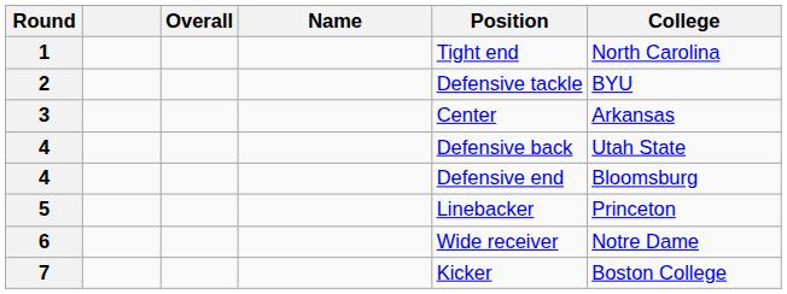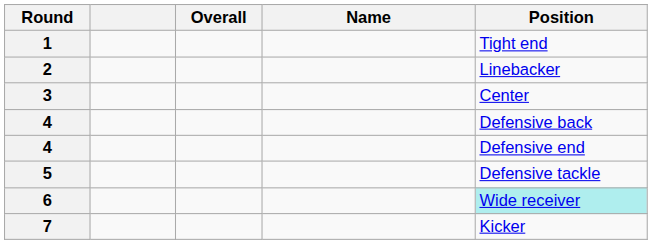 <table class="wikitable sortable">
 <tr>
 <th scope="col" style="width: 10%;">Round</th>
 <th scope="col" style="width: 10%;"></th>
 <th scope="col" style="width: 10%;">Overall</th>
 <th scope="col" style="width: 25%;">Name</th>
 <th scope="col" style="width: 20%;">Position</th>
-<th scope="col" style="width: 25%;">College</th>
 </tr>
 <tr>
 <th scope="row">1</th>
 <td></td>
 <td></td>
 <td></td>
 <td><a href='#'>Tight end</a></td>
-<td><a href='#'>North Carolina</a></td>
 </tr>
 <tr>
 <th scope="row">2</th>
 <td></td>
 <td></td>
 <td></td>
-<td><a href='#'>Defensive tackle</a></td>
-<td><a href='#'>BYU</a></td>
+<td><a href='#'>Linebacker</a></td>
 </tr>
 <tr>
 <th scope="row">3</th>
 <td></td>
 <td></td>
 <td></td>
 <td><a href='#'>Center</a></td>
-<td><a href='#'>Arkansas</a></td>
 </tr>
 <tr>
 <th scope="row">4</th>
 <td></td>
 <td></td>
 <td></td>
 <td><a href='#'>Defensive back</a></td>
-<td><a href='#'>Utah State</a></td>
 </tr>
 <tr>
 <th scope="row">4</th>
 <td></td>
 <td></td>
 <td></td>
 <td><a href='#'>Defensive end</a></td>
-<td><a href='#'>Bloomsburg</a></td>
 </tr>
 <tr>
 <th scope="row">5</th>
 <td></td>
 <td></td>
 <td></td>
-<td><a href='#'>Linebacker</a></td>
-<td><a href='#'>Princeton</a></td>
+<td><a href='#'>Defensive tackle</a></td>
 </tr>
 <tr>
 <th scope="row">6</th>
 <td></td>
 <td></td>
 <td></td>
-<td><a href='#'>Wide receiver</a></td>
-<td><a href='#'>Notre Dame</a></td>
+<td style="background: paleturquoise;"><a href='#'>Wide receiver</a></td>
 </tr>
 <tr>
 <th scope="row">7</th>
 <td></td>
 <td></td>
 <td></td>
 <td><a href='#'>Kicker</a></td>
-<td><a href='#'>Boston College</a></td>
 </tr>
 </table>
